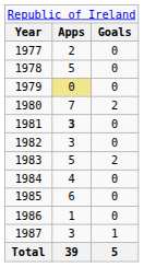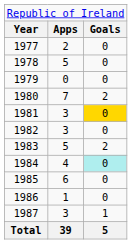 <table class="wikitable" style="text-align: center">
 <tr>
 <td colspan=3><a href='#'>Republic of Ireland</a></td>
 </tr>
 <tr>
 <th>Year</th>
 <th>Apps</th>
 <th>Goals</th>
 </tr>
 <tr>
 <td>1977</td>
 <td>2</td>
 <td>0</td>
 </tr>
 <tr>
 <td>1978</td>
 <td>5</td>
 <td>0</td>
 </tr>
 <tr>
 <td>1979</td>
-<td style="background: khaki;">0</td>
+<td>0</td>
 <td>0</td>
 </tr>
 <tr>
 <td>1980</td>
 <td>7</td>
 <td>2</td>
 </tr>
 <tr>
 <td>1981</td>
-<td><strong>3</strong></td>
-<td>0</td>
+<td>3</td>
+<td style="background: gold;">0</td>
 </tr>
 <tr>
 <td>1982</td>
 <td>3</td>
 <td>0</td>
 </tr>
 <tr>
 <td>1983</td>
 <td>5</td>
 <td>2</td>
 </tr>
 <tr>
 <td>1984</td>
 <td>4</td>
-<td>0</td>
+<td style="background: paleturquoise;">0</td>
 </tr>
 <tr>
 <td>1985</td>
 <td>6</td>
 <td>0</td>
 </tr>
 <tr>
 <td>1986</td>
 <td>1</td>
 <td>0</td>
 </tr>
 <tr>
 <td>1987</td>
 <td>3</td>
 <td>1</td>
 </tr>
 <tr>
 <th>Total</th>
 <th>39</th>
 <th>5</th>
 </tr>
 </table>
